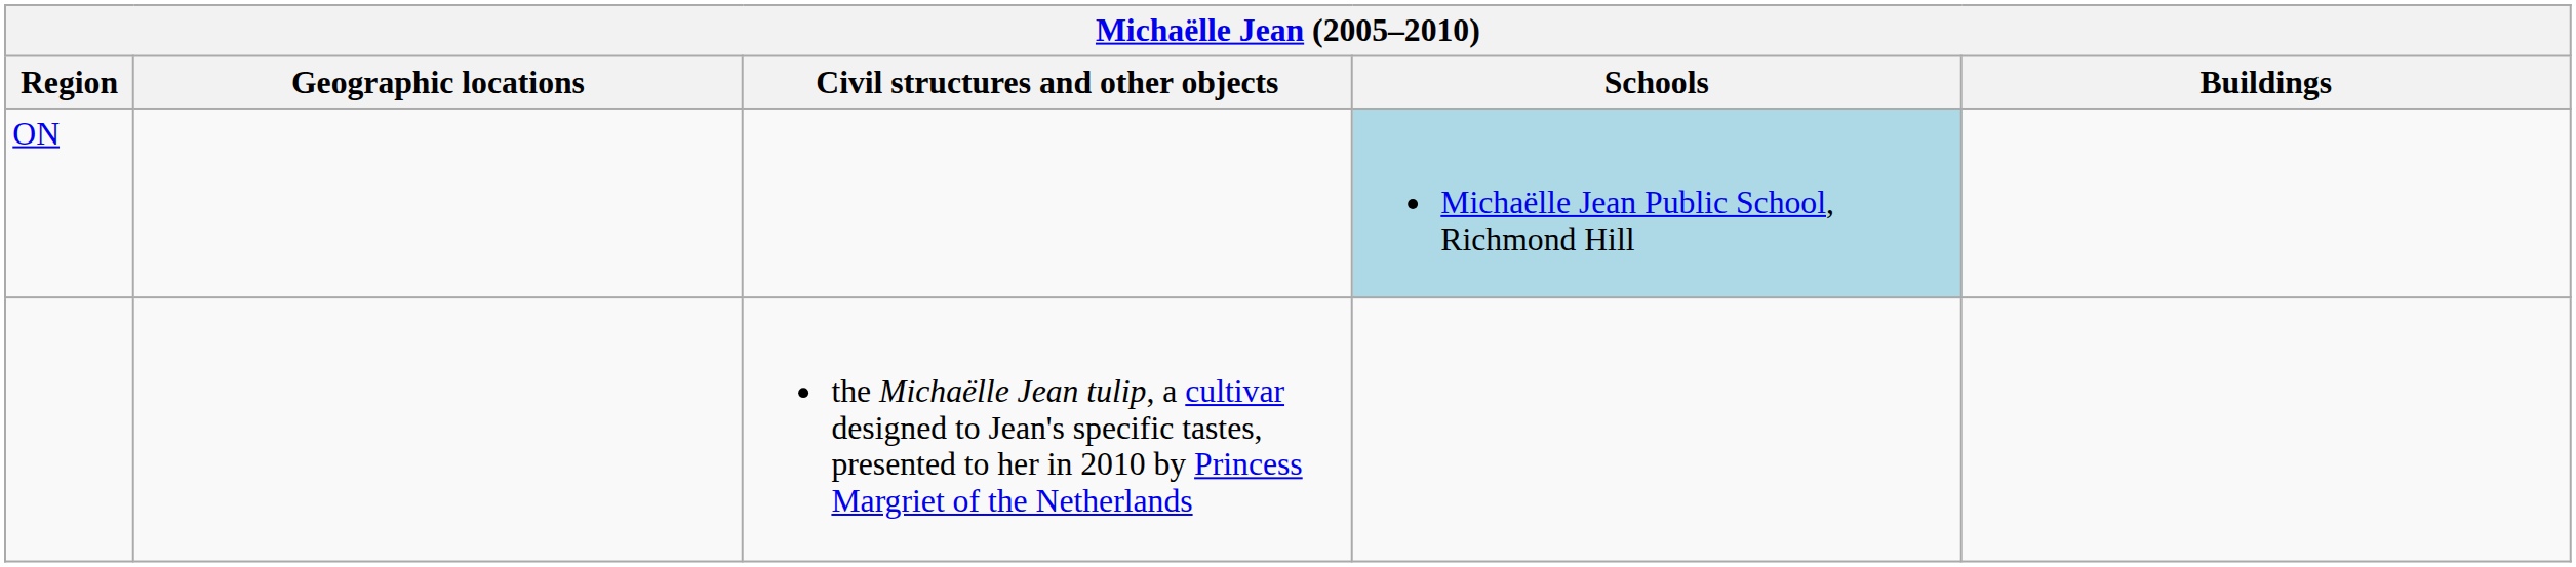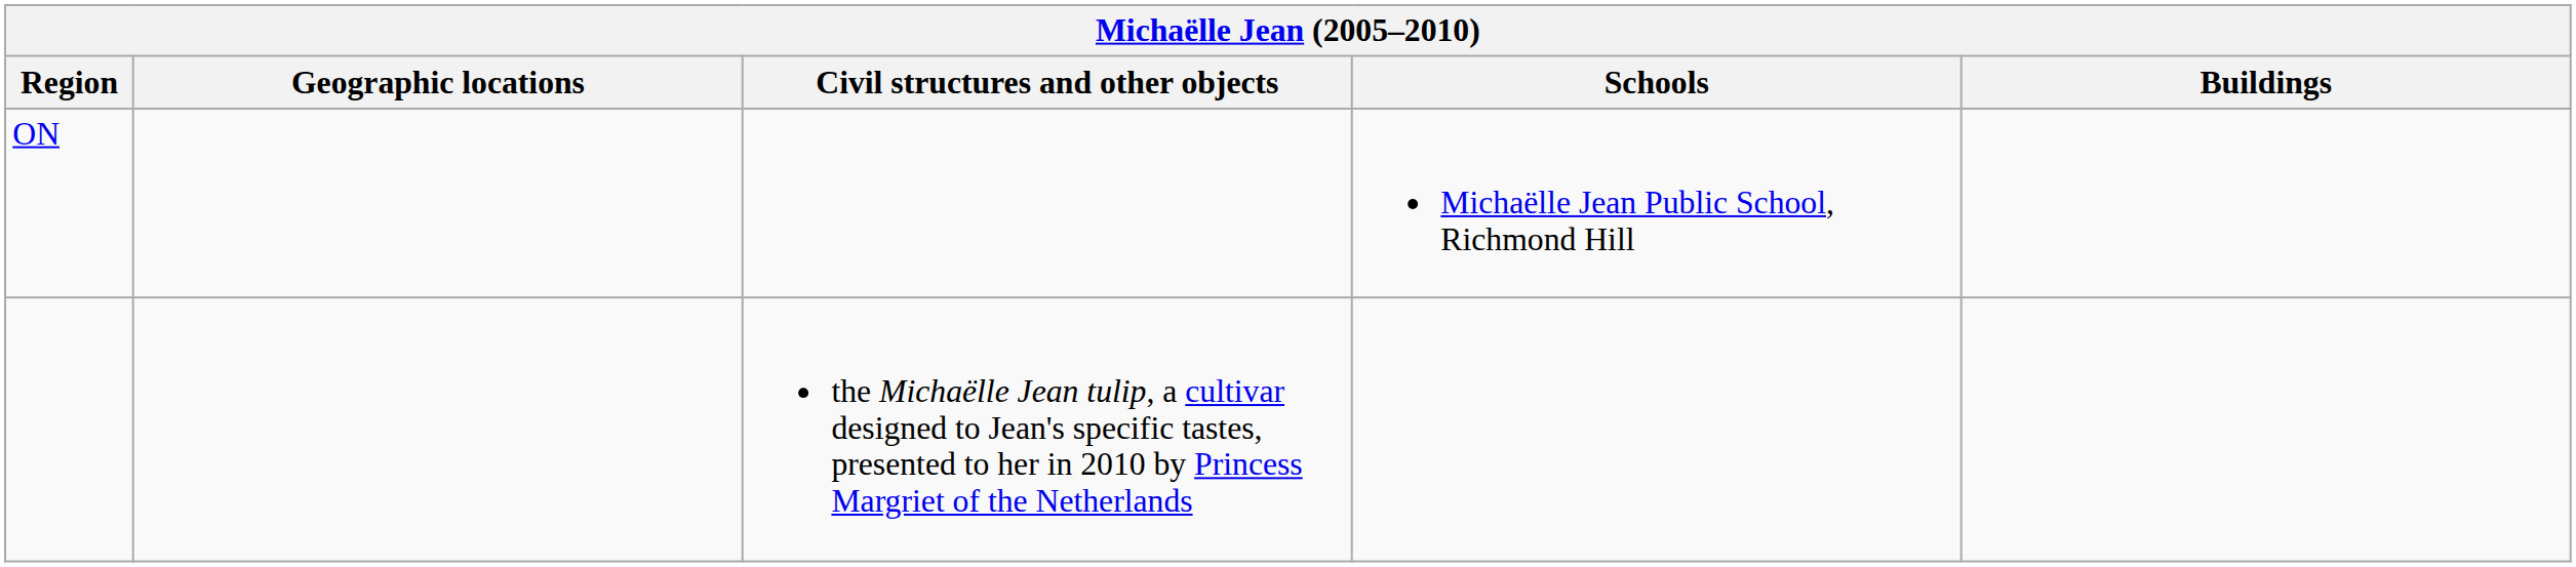 <table class="wikitable" width="100%">
 <tr>
 <th colspan="5"> <a href='#'>Michaëlle Jean</a> (2005–2010)</th>
 </tr>
 <tr>
 <th width="5%">Region</th>
 <th width="23.75%">Geographic locations</th>
 <th width="23.75%">Civil structures and other objects</th>
 <th width="23.75%">Schools</th>
 <th width="23.75%">Buildings</th>
 </tr>
 <tr>
 <td align=left valign=top> <a href='#'>ON</a></td>
 <td></td>
 <td></td>
-<td align=left valign=top style="background: lightblue;"><br><ul><li><a href='#'>Michaëlle Jean Public School</a>, Richmond Hill</li></ul></td>
+<td align=left valign=top><br><ul><li><a href='#'>Michaëlle Jean Public School</a>, Richmond Hill</li></ul></td>
 <td></td>
 </tr>
 <tr>
 <td></td>
 <td></td>
 <td align=left valign=top><br><ul><li>the <em>Michaëlle Jean tulip</em>, a <a href='#'>cultivar</a> designed to Jean's specific tastes, presented to her in 2010 by <a href='#'>Princess Margriet of the Netherlands</a></li></ul></td>
 <td></td>
 <td></td>
 </tr>
 </table>
